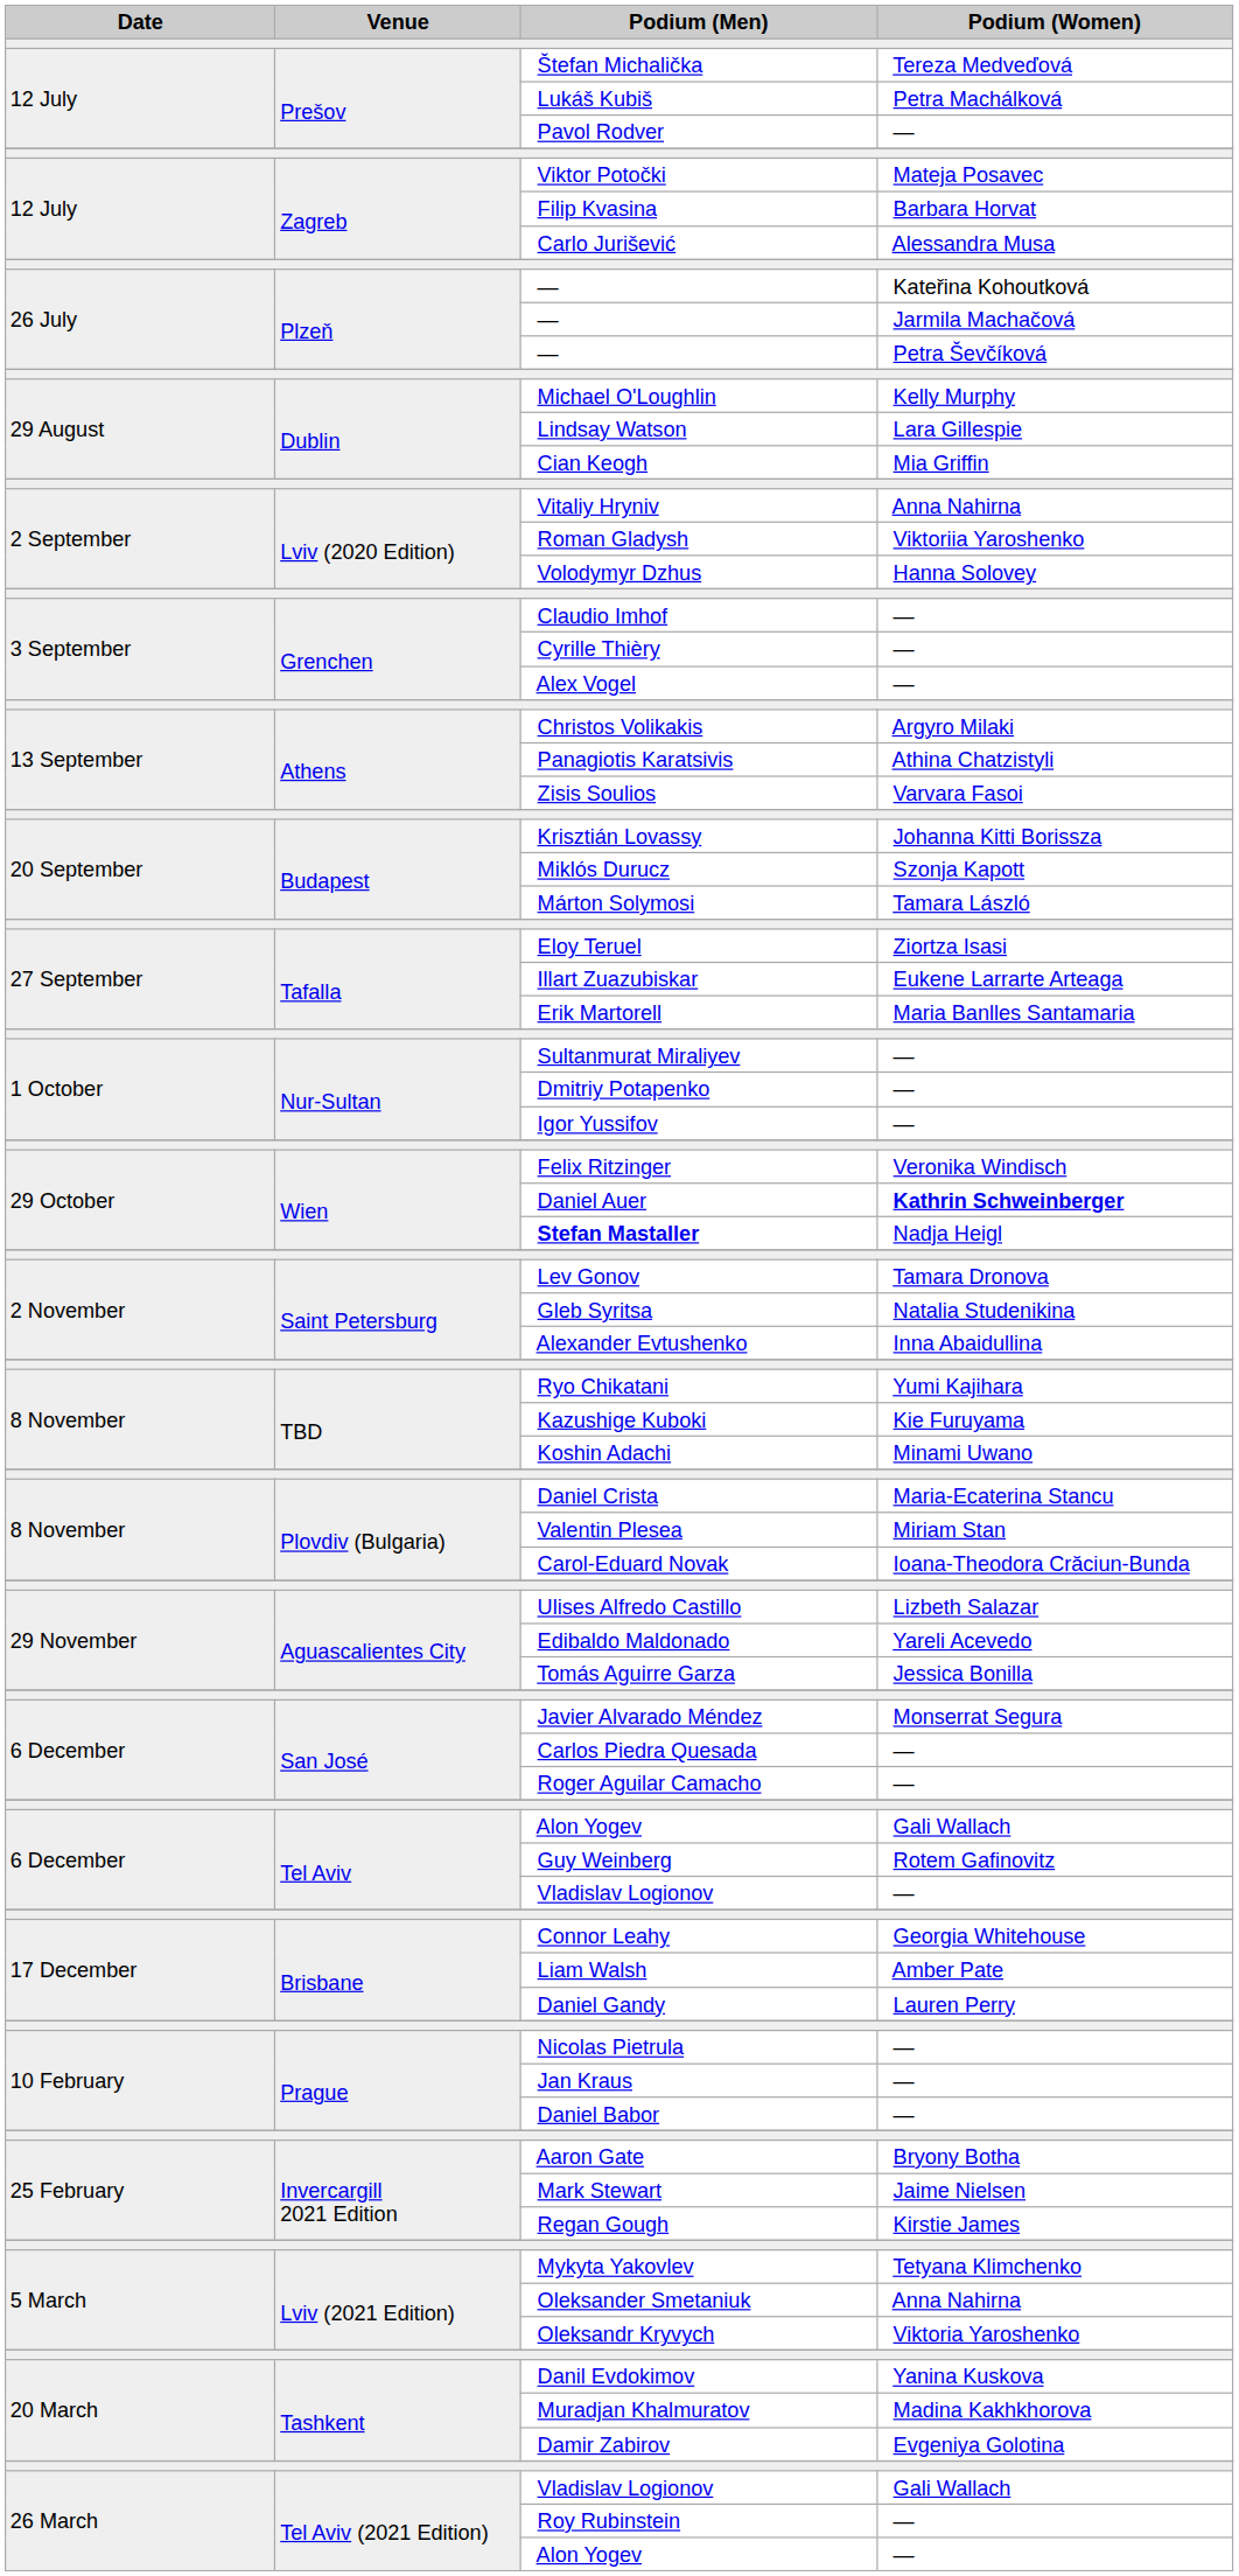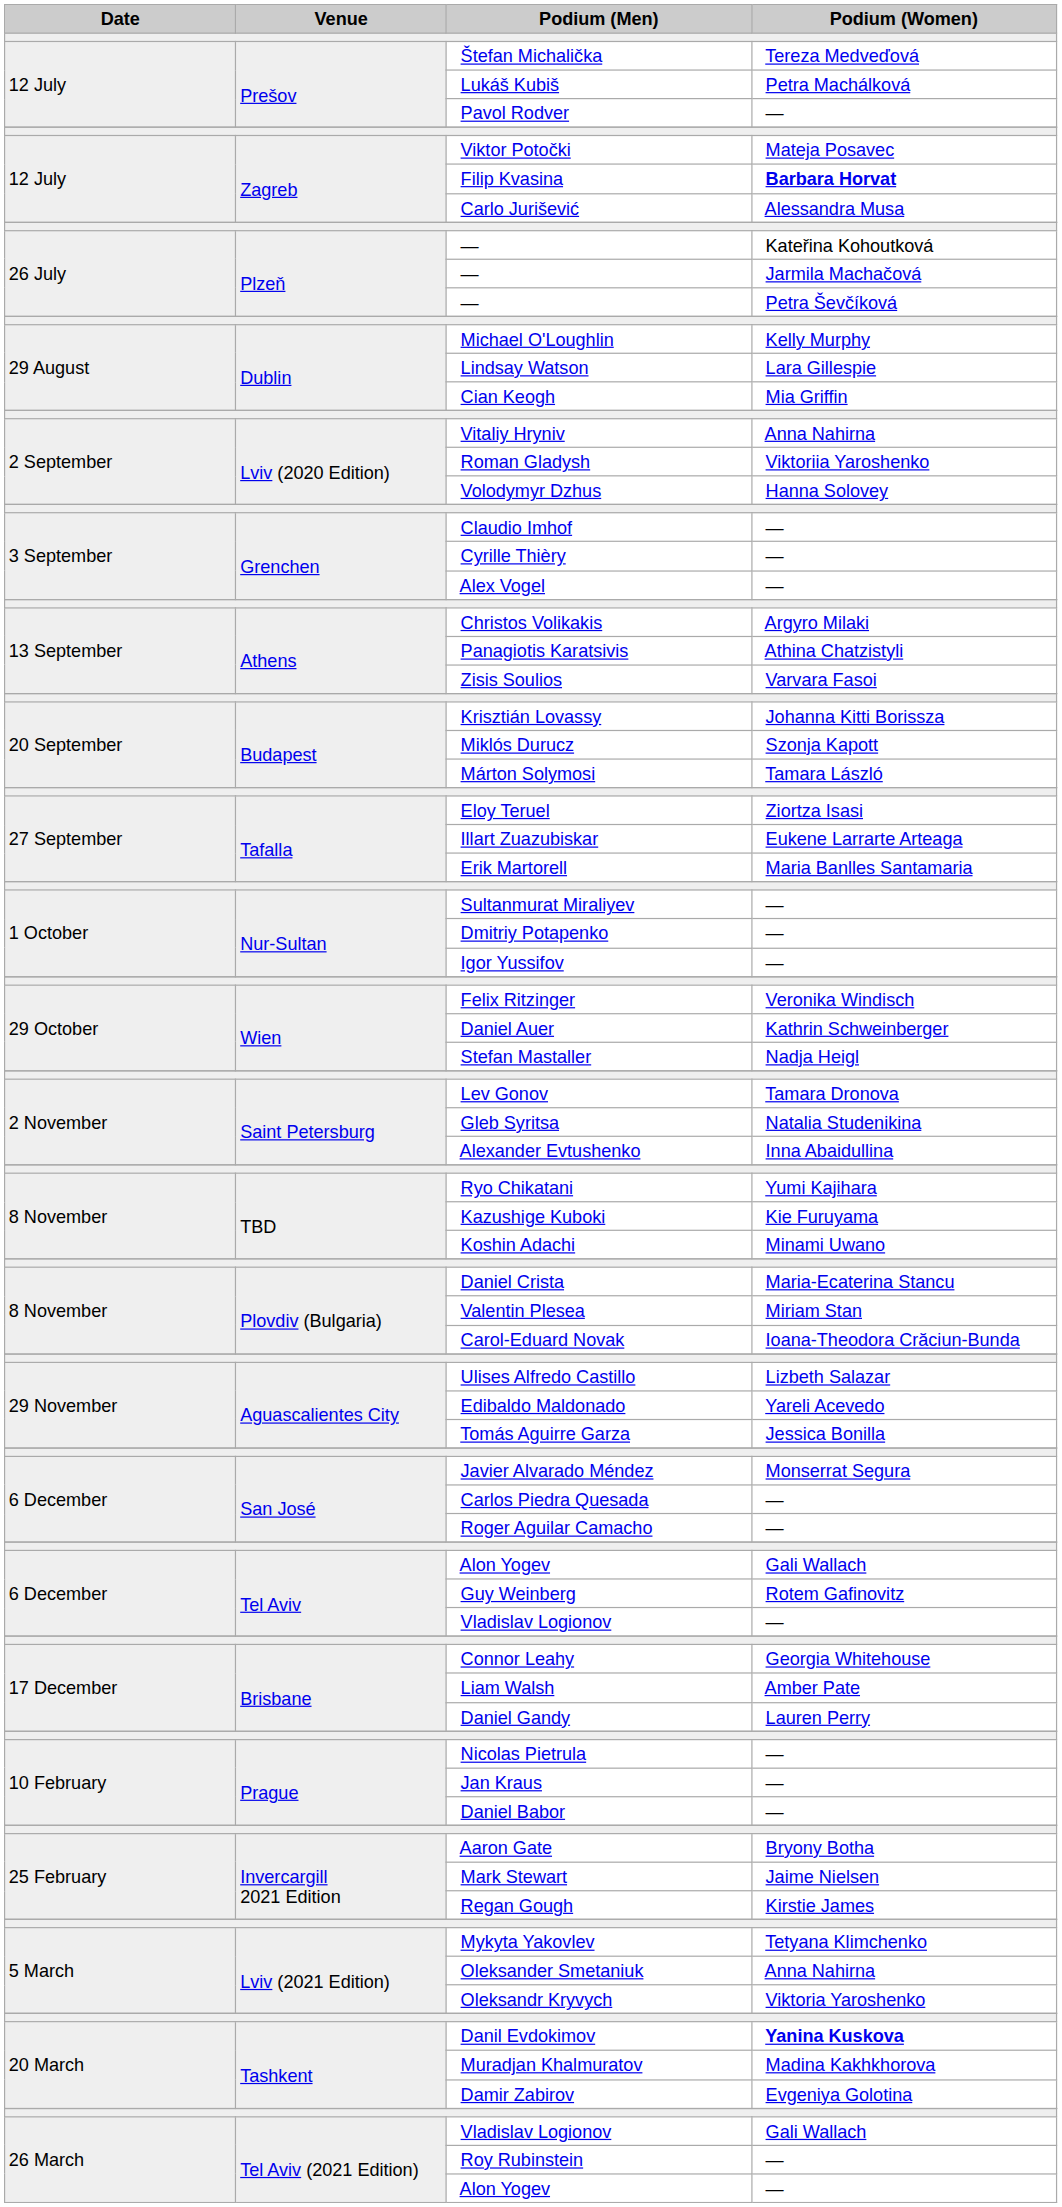 <table class="wikitable" width=70% bgcolor="#f7f8ff" cellpadding="3" cellspacing="0" border="1" style="font-size: 95%; border: gray solid 1px; border-collapse: collapse;">
 <tr bgcolor="#CCCCCC">
 <td align="center"><strong>Date</strong></td>
 <td width=20% align="center"><strong>Venue</strong></td>
 <td width=29% align="center"><strong>Podium (Men)</strong></td>
 <td width=29% align="center"><strong>Podium (Women)</strong></td>
 </tr>
 <tr bgcolor="#EFEFEF">
 <td colspan=4></td>
 </tr>
 <tr bgcolor="#EFEFEF">
 <td rowspan=3>12 July</td>
 <td rowspan=3><br><a href='#'>Prešov</a></td>
 <td bgcolor="#ffffff">   <a href='#'>Štefan Michalička</a></td>
 <td bgcolor="#ffffff">   <a href='#'>Tereza Medveďová</a></td>
 </tr>
 <tr>
 <td bgcolor="#ffffff">   <a href='#'>Lukáš Kubiš</a></td>
 <td bgcolor="#ffffff">   <a href='#'>Petra Machálková</a></td>
 </tr>
 <tr>
 <td bgcolor="#ffffff">   <a href='#'>Pavol Rodver</a></td>
 <td bgcolor="#ffffff">   —</td>
 </tr>
 <tr>
 </tr>
 <tr bgcolor="#EFEFEF">
 <td colspan=4></td>
 </tr>
 <tr bgcolor="#EFEFEF">
 <td rowspan=3>12 July</td>
 <td rowspan=3><br><a href='#'>Zagreb</a></td>
 <td bgcolor="#ffffff">   <a href='#'>Viktor Potočki</a></td>
 <td bgcolor="#ffffff">   <a href='#'>Mateja Posavec</a></td>
 </tr>
 <tr>
 <td bgcolor="#ffffff">   <a href='#'>Filip Kvasina</a></td>
-<td bgcolor="#ffffff">   <a href='#'>Barbara Horvat</a></td>
+<td bgcolor="#ffffff"><strong>   <a href='#'>Barbara Horvat</a></strong></td>
 </tr>
 <tr>
 <td bgcolor="#ffffff">   <a href='#'>Carlo Jurišević</a></td>
 <td bgcolor="#ffffff">   <a href='#'>Alessandra Musa</a></td>
 </tr>
 <tr>
 </tr>
 <tr bgcolor="#EFEFEF">
 <td colspan=4></td>
 </tr>
 <tr bgcolor="#EFEFEF">
 <td rowspan=3>26 July</td>
 <td rowspan=3><br><a href='#'>Plzeň</a></td>
 <td bgcolor="#ffffff">   —</td>
 <td bgcolor="#ffffff">   Kateřina Kohoutková</td>
 </tr>
 <tr>
 <td bgcolor="#ffffff">   —</td>
 <td bgcolor="#ffffff">   <a href='#'>Jarmila Machačová</a></td>
 </tr>
 <tr>
 <td bgcolor="#ffffff">   —</td>
 <td bgcolor="#ffffff">   <a href='#'>Petra Ševčíková</a></td>
 </tr>
 <tr>
 </tr>
 <tr bgcolor="#EFEFEF">
 <td colspan=4></td>
 </tr>
 <tr bgcolor="#EFEFEF">
 <td rowspan=3>29 August</td>
 <td rowspan=3><br><a href='#'>Dublin</a></td>
 <td bgcolor="#ffffff">   <a href='#'>Michael O'Loughlin</a></td>
 <td bgcolor="#ffffff">   <a href='#'>Kelly Murphy</a></td>
 </tr>
 <tr>
 <td bgcolor="#ffffff">   <a href='#'>Lindsay Watson</a></td>
 <td bgcolor="#ffffff">   <a href='#'>Lara Gillespie</a></td>
 </tr>
 <tr>
 <td bgcolor="#ffffff">   <a href='#'>Cian Keogh</a></td>
 <td bgcolor="#ffffff">   <a href='#'>Mia Griffin</a></td>
 </tr>
 <tr>
 </tr>
 <tr bgcolor="#EFEFEF">
 <td colspan=4></td>
 </tr>
 <tr bgcolor="#EFEFEF">
 <td rowspan=3>2 September</td>
 <td rowspan=3><br><a href='#'>Lviv</a> (2020 Edition)</td>
 <td bgcolor="#ffffff">   <a href='#'>Vitaliy Hryniv</a></td>
 <td bgcolor="#ffffff">   <a href='#'>Anna Nahirna</a></td>
 </tr>
 <tr>
 <td bgcolor="#ffffff">   <a href='#'>Roman Gladysh</a></td>
 <td bgcolor="#ffffff">   <a href='#'>Viktoriia Yaroshenko</a></td>
 </tr>
 <tr>
 <td bgcolor="#ffffff">   <a href='#'>Volodymyr Dzhus</a></td>
 <td bgcolor="#ffffff">   <a href='#'>Hanna Solovey</a></td>
 </tr>
 <tr>
 </tr>
 <tr bgcolor="#EFEFEF">
 <td colspan=4></td>
 </tr>
 <tr bgcolor="#EFEFEF">
 <td rowspan=3>3 September</td>
 <td rowspan=3><br><a href='#'>Grenchen</a></td>
 <td bgcolor="#ffffff">   <a href='#'>Claudio Imhof</a></td>
 <td bgcolor="#ffffff">   —</td>
 </tr>
 <tr>
 <td bgcolor="#ffffff">   <a href='#'>Cyrille Thièry</a></td>
 <td bgcolor="#ffffff">   —</td>
 </tr>
 <tr>
 <td bgcolor="#ffffff">   <a href='#'>Alex Vogel</a></td>
 <td bgcolor="#ffffff">   —</td>
 </tr>
 <tr>
 </tr>
 <tr bgcolor="#EFEFEF">
 <td colspan=4></td>
 </tr>
 <tr bgcolor="#EFEFEF">
 <td rowspan=3>13 September</td>
 <td rowspan=3><br><a href='#'>Athens</a></td>
 <td bgcolor="#ffffff">   <a href='#'>Christos Volikakis</a></td>
 <td bgcolor="#ffffff">   <a href='#'>Argyro Milaki</a></td>
 </tr>
 <tr>
 <td bgcolor="#ffffff">   <a href='#'>Panagiotis Karatsivis</a></td>
 <td bgcolor="#ffffff">   <a href='#'>Athina Chatzistyli</a></td>
 </tr>
 <tr>
 <td bgcolor="#ffffff">   <a href='#'>Zisis Soulios</a></td>
 <td bgcolor="#ffffff">   <a href='#'>Varvara Fasoi</a></td>
 </tr>
 <tr>
 </tr>
 <tr bgcolor="#EFEFEF">
 <td colspan=4></td>
 </tr>
 <tr bgcolor="#EFEFEF">
 <td rowspan=3>20 September</td>
 <td rowspan=3><br><a href='#'>Budapest</a></td>
 <td bgcolor="#ffffff">   <a href='#'>Krisztián Lovassy</a></td>
 <td bgcolor="#ffffff">   <a href='#'>Johanna Kitti Borissza</a></td>
 </tr>
 <tr>
 <td bgcolor="#ffffff">   <a href='#'>Miklós Durucz</a></td>
 <td bgcolor="#ffffff">   <a href='#'>Szonja Kapott</a></td>
 </tr>
 <tr>
 <td bgcolor="#ffffff">   <a href='#'>Márton Solymosi</a></td>
 <td bgcolor="#ffffff">   <a href='#'>Tamara László</a></td>
 </tr>
 <tr>
 </tr>
 <tr bgcolor="#EFEFEF">
 <td colspan=4></td>
 </tr>
 <tr bgcolor="#EFEFEF">
 <td rowspan=3>27 September</td>
 <td rowspan=3><br><a href='#'>Tafalla</a></td>
 <td bgcolor="#ffffff">   <a href='#'>Eloy Teruel</a></td>
 <td bgcolor="#ffffff">   <a href='#'>Ziortza Isasi</a></td>
 </tr>
 <tr>
 <td bgcolor="#ffffff">   <a href='#'>Illart Zuazubiskar</a></td>
 <td bgcolor="#ffffff">   <a href='#'>Eukene Larrarte Arteaga</a></td>
 </tr>
 <tr>
 <td bgcolor="#ffffff">   <a href='#'>Erik Martorell</a></td>
 <td bgcolor="#ffffff">   <a href='#'>Maria Banlles Santamaria</a></td>
 </tr>
 <tr>
 </tr>
 <tr bgcolor="#EFEFEF">
 <td colspan=4></td>
 </tr>
 <tr bgcolor="#EFEFEF">
 <td rowspan=3>1 October</td>
 <td rowspan=3><br><a href='#'>Nur-Sultan</a></td>
 <td bgcolor="#ffffff">   <a href='#'>Sultanmurat Miraliyev</a></td>
 <td bgcolor="#ffffff">   —</td>
 </tr>
 <tr>
 <td bgcolor="#ffffff">   <a href='#'>Dmitriy Potapenko</a></td>
 <td bgcolor="#ffffff">   —</td>
 </tr>
 <tr>
 <td bgcolor="#ffffff">   <a href='#'>Igor Yussifov</a></td>
 <td bgcolor="#ffffff">   —</td>
 </tr>
 <tr>
 </tr>
 <tr bgcolor="#EFEFEF">
 <td colspan=4></td>
 </tr>
 <tr bgcolor="#EFEFEF">
 <td rowspan=3>29 October</td>
 <td rowspan=3><br><a href='#'>Wien</a></td>
 <td bgcolor="#ffffff">   <a href='#'>Felix Ritzinger</a></td>
 <td bgcolor="#ffffff">   <a href='#'>Veronika Windisch</a></td>
 </tr>
 <tr>
 <td bgcolor="#ffffff">   <a href='#'>Daniel Auer</a></td>
-<td bgcolor="#ffffff"><strong>   <a href='#'>Kathrin Schweinberger</a></strong></td>
+<td bgcolor="#ffffff">   <a href='#'>Kathrin Schweinberger</a></td>
 </tr>
 <tr>
-<td bgcolor="#ffffff"><strong>   <a href='#'>Stefan Mastaller</a></strong></td>
+<td bgcolor="#ffffff">   <a href='#'>Stefan Mastaller</a></td>
 <td bgcolor="#ffffff">   <a href='#'>Nadja Heigl</a></td>
 </tr>
 <tr>
 </tr>
 <tr bgcolor="#EFEFEF">
 <td colspan=4></td>
 </tr>
 <tr bgcolor="#EFEFEF">
 <td rowspan=3>2 November</td>
 <td rowspan=3><br><a href='#'>Saint Petersburg</a></td>
 <td bgcolor="#ffffff">   <a href='#'>Lev Gonov</a></td>
 <td bgcolor="#ffffff">   <a href='#'>Tamara Dronova</a></td>
 </tr>
 <tr>
 <td bgcolor="#ffffff">   <a href='#'>Gleb Syritsa</a></td>
 <td bgcolor="#ffffff">   <a href='#'>Natalia Studenikina</a></td>
 </tr>
 <tr>
 <td bgcolor="#ffffff">   <a href='#'>Alexander Evtushenko</a></td>
 <td bgcolor="#ffffff">   <a href='#'>Inna Abaidullina</a></td>
 </tr>
 <tr>
 </tr>
 <tr bgcolor="#EFEFEF">
 <td colspan=4></td>
 </tr>
 <tr bgcolor="#EFEFEF">
 <td rowspan=3>8 November</td>
 <td rowspan=3><br>TBD</td>
 <td bgcolor="#ffffff">   <a href='#'>Ryo Chikatani</a></td>
 <td bgcolor="#ffffff">   <a href='#'>Yumi Kajihara</a></td>
 </tr>
 <tr>
 <td bgcolor="#ffffff">   <a href='#'>Kazushige Kuboki</a></td>
 <td bgcolor="#ffffff">   <a href='#'>Kie Furuyama</a></td>
 </tr>
 <tr>
 <td bgcolor="#ffffff">   <a href='#'>Koshin Adachi</a></td>
 <td bgcolor="#ffffff">   <a href='#'>Minami Uwano</a></td>
 </tr>
 <tr>
 </tr>
 <tr bgcolor="#EFEFEF">
 <td colspan=4></td>
 </tr>
 <tr bgcolor="#EFEFEF">
 <td rowspan=3>8 November</td>
 <td rowspan=3><br><a href='#'>Plovdiv</a> (Bulgaria)</td>
 <td bgcolor="#ffffff">   <a href='#'>Daniel Crista</a></td>
 <td bgcolor="#ffffff">   <a href='#'>Maria-Ecaterina Stancu</a></td>
 </tr>
 <tr>
 <td bgcolor="#ffffff">   <a href='#'>Valentin Plesea</a></td>
 <td bgcolor="#ffffff">   <a href='#'>Miriam Stan</a></td>
 </tr>
 <tr>
 <td bgcolor="#ffffff">   <a href='#'>Carol-Eduard Novak</a></td>
 <td bgcolor="#ffffff">   <a href='#'>Ioana-Theodora Crăciun-Bunda</a></td>
 </tr>
 <tr>
 </tr>
 <tr bgcolor="#EFEFEF">
 <td colspan=4></td>
 </tr>
 <tr bgcolor="#EFEFEF">
 <td rowspan=3>29 November</td>
 <td rowspan=3><br><a href='#'>Aguascalientes City</a></td>
 <td bgcolor="#ffffff">   <a href='#'>Ulises Alfredo Castillo</a></td>
 <td bgcolor="#ffffff">   <a href='#'>Lizbeth Salazar</a></td>
 </tr>
 <tr>
 <td bgcolor="#ffffff">   <a href='#'>Edibaldo Maldonado</a></td>
 <td bgcolor="#ffffff">   <a href='#'>Yareli Acevedo</a></td>
 </tr>
 <tr>
 <td bgcolor="#ffffff">   <a href='#'>Tomás Aguirre Garza</a></td>
 <td bgcolor="#ffffff">   <a href='#'>Jessica Bonilla</a></td>
 </tr>
 <tr>
 </tr>
 <tr bgcolor="#EFEFEF">
 <td colspan=4></td>
 </tr>
 <tr bgcolor="#EFEFEF">
 <td rowspan=3>6 December</td>
 <td rowspan=3><br><a href='#'>San José</a></td>
 <td bgcolor="#ffffff">   <a href='#'>Javier Alvarado Méndez</a></td>
 <td bgcolor="#ffffff">   <a href='#'>Monserrat Segura</a></td>
 </tr>
 <tr>
 <td bgcolor="#ffffff">   <a href='#'>Carlos Piedra Quesada</a></td>
 <td bgcolor="#ffffff">   —</td>
 </tr>
 <tr>
 <td bgcolor="#ffffff">   <a href='#'>Roger Aguilar Camacho</a></td>
 <td bgcolor="#ffffff">   —</td>
 </tr>
 <tr>
 </tr>
 <tr bgcolor="#EFEFEF">
 <td colspan=4></td>
 </tr>
 <tr bgcolor="#EFEFEF">
 <td rowspan=3>6 December</td>
 <td rowspan=3><br><a href='#'>Tel Aviv</a></td>
 <td bgcolor="#ffffff">   <a href='#'>Alon Yogev</a></td>
 <td bgcolor="#ffffff">   <a href='#'>Gali Wallach</a></td>
 </tr>
 <tr>
 <td bgcolor="#ffffff">   <a href='#'>Guy Weinberg</a></td>
 <td bgcolor="#ffffff">   <a href='#'>Rotem Gafinovitz</a></td>
 </tr>
 <tr>
 <td bgcolor="#ffffff">   <a href='#'>Vladislav Logionov</a></td>
 <td bgcolor="#ffffff">   —</td>
 </tr>
 <tr>
 </tr>
 <tr bgcolor="#EFEFEF">
 <td colspan=4></td>
 </tr>
 <tr bgcolor="#EFEFEF">
 <td rowspan=3>17 December</td>
 <td rowspan=3><br><a href='#'>Brisbane</a></td>
 <td bgcolor="#ffffff">   <a href='#'>Connor Leahy</a></td>
 <td bgcolor="#ffffff">   <a href='#'>Georgia Whitehouse</a></td>
 </tr>
 <tr>
 <td bgcolor="#ffffff">   <a href='#'>Liam Walsh</a></td>
 <td bgcolor="#ffffff">   <a href='#'>Amber Pate</a></td>
 </tr>
 <tr>
 <td bgcolor="#ffffff">   <a href='#'>Daniel Gandy</a></td>
 <td bgcolor="#ffffff">   <a href='#'>Lauren Perry</a></td>
 </tr>
 <tr>
 </tr>
 <tr bgcolor="#EFEFEF">
 <td colspan=4></td>
 </tr>
 <tr bgcolor="#EFEFEF">
 <td rowspan=3>10 February</td>
 <td rowspan=3><br><a href='#'>Prague</a></td>
 <td bgcolor="#ffffff">   <a href='#'>Nicolas Pietrula</a></td>
 <td bgcolor="#ffffff">   —</td>
 </tr>
 <tr>
 <td bgcolor="#ffffff">   <a href='#'>Jan Kraus</a></td>
 <td bgcolor="#ffffff">   —</td>
 </tr>
 <tr>
 <td bgcolor="#ffffff">   <a href='#'>Daniel Babor</a></td>
 <td bgcolor="#ffffff">   —</td>
 </tr>
 <tr>
 </tr>
 <tr bgcolor="#EFEFEF">
 <td colspan=4></td>
 </tr>
 <tr bgcolor="#EFEFEF">
 <td rowspan=3>25 February</td>
 <td rowspan=3><br><a href='#'>Invercargill</a><br>2021 Edition</td>
 <td bgcolor="#ffffff">   <a href='#'>Aaron Gate</a></td>
 <td bgcolor="#ffffff">   <a href='#'>Bryony Botha</a></td>
 </tr>
 <tr>
 <td bgcolor="#ffffff">   <a href='#'>Mark Stewart</a></td>
 <td bgcolor="#ffffff">   <a href='#'>Jaime Nielsen</a></td>
 </tr>
 <tr>
 <td bgcolor="#ffffff">   <a href='#'>Regan Gough</a></td>
 <td bgcolor="#ffffff">   <a href='#'>Kirstie James</a></td>
 </tr>
 <tr>
 </tr>
 <tr bgcolor="#EFEFEF">
 <td colspan=4></td>
 </tr>
 <tr bgcolor="#EFEFEF">
 <td rowspan=3>5 March</td>
 <td rowspan=3><br><a href='#'>Lviv</a> (2021 Edition)</td>
 <td bgcolor="#ffffff">   <a href='#'>Mykyta Yakovlev</a></td>
 <td bgcolor="#ffffff">   <a href='#'>Tetyana Klimchenko</a></td>
 </tr>
 <tr>
 <td bgcolor="#ffffff">   <a href='#'>Oleksander Smetaniuk</a></td>
 <td bgcolor="#ffffff">   <a href='#'>Anna Nahirna</a></td>
 </tr>
 <tr>
 <td bgcolor="#ffffff">   <a href='#'>Oleksandr Kryvych</a></td>
 <td bgcolor="#ffffff">   <a href='#'>Viktoria Yaroshenko</a></td>
 </tr>
 <tr>
 </tr>
 <tr bgcolor="#EFEFEF">
 <td colspan=4></td>
 </tr>
 <tr bgcolor="#EFEFEF">
 <td rowspan=3>20 March</td>
 <td rowspan=3><br><a href='#'>Tashkent</a></td>
 <td bgcolor="#ffffff">   <a href='#'>Danil Evdokimov</a></td>
-<td bgcolor="#ffffff">   <a href='#'>Yanina Kuskova</a></td>
+<td bgcolor="#ffffff"><strong>   <a href='#'>Yanina Kuskova</a></strong></td>
 </tr>
 <tr>
 <td bgcolor="#ffffff">   <a href='#'>Muradjan Khalmuratov</a></td>
 <td bgcolor="#ffffff">   <a href='#'>Madina Kakhkhorova</a></td>
 </tr>
 <tr>
 <td bgcolor="#ffffff">   <a href='#'>Damir Zabirov</a></td>
 <td bgcolor="#ffffff">   <a href='#'>Evgeniya Golotina</a></td>
 </tr>
 <tr>
 </tr>
 <tr bgcolor="#EFEFEF">
 <td colspan=4></td>
 </tr>
 <tr bgcolor="#EFEFEF">
 <td rowspan=3>26 March</td>
 <td rowspan=3><br><a href='#'>Tel Aviv</a> (2021 Edition)</td>
 <td bgcolor="#ffffff">   <a href='#'>Vladislav Logionov</a></td>
 <td bgcolor="#ffffff">   <a href='#'>Gali Wallach</a></td>
 </tr>
 <tr>
 <td bgcolor="#ffffff">   <a href='#'>Roy Rubinstein</a></td>
 <td bgcolor="#ffffff">   —</td>
 </tr>
 <tr>
 <td bgcolor="#ffffff">   <a href='#'>Alon Yogev</a></td>
 <td bgcolor="#ffffff">   —</td>
 </tr>
 </table>
